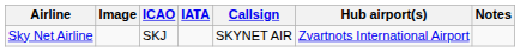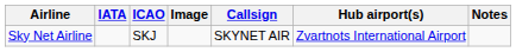 <table class="wikitable sortable" style="border: 0; cellpadding: 2; cellspacing: 3;">
 <tr valign="middle">
 <th>Airline</th>
+<th><a href='#'>IATA</a></th>
+<th><a href='#'>ICAO</a></th>
 <th>Image</th>
-<th><a href='#'>ICAO</a></th>
-<th><a href='#'>IATA</a></th>
 <th><a href='#'>Callsign</a></th>
 <th>Hub airport(s)</th>
 <th class="unsortable">Notes</th>
 </tr>
 <tr>
 <td><a href='#'>Sky Net Airline</a></td>
 <td></td>
 <td>SKJ</td>
 <td></td>
 <td>SKYNET AIR</td>
 <td><a href='#'>Zvartnots International Airport</a></td>
 <td></td>
 </tr>
 </table>
